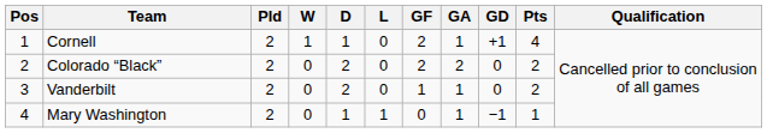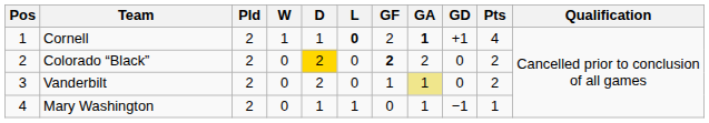 <table class="wikitable" style="text-align:center; margin: 1em auto">
 <tr>
 <th style="width:2em">Pos</th>
 <th style="width:13em">Team</th>
 <th style="width:2em">Pld</th>
 <th style="width:2em">W</th>
 <th style="width:2em">D</th>
 <th style="width:2em">L</th>
 <th style="width:2em">GF</th>
 <th style="width:2em">GA</th>
 <th style="width:2em">GD</th>
 <th style="width:2em">Pts</th>
 <th style="width:13em">Qualification</th>
 </tr>
 <tr>
 <td>1</td>
 <td style="text-align:left">Cornell</td>
 <td>2</td>
 <td>1</td>
 <td>1</td>
-<td>0</td>
+<td><strong>0</strong></td>
 <td>2</td>
-<td>1</td>
+<td><strong>1</strong></td>
 <td>+1</td>
 <td>4</td>
 <td rowspan="4">Cancelled prior to conclusion of all games</td>
 </tr>
 <tr>
 <td>2</td>
 <td style="text-align:left">Colorado “Black”</td>
 <td>2</td>
 <td>0</td>
-<td>2</td>
+<td style="background: gold;">2</td>
 <td>0</td>
-<td>2</td>
+<td><strong>2</strong></td>
 <td>2</td>
 <td>0</td>
 <td>2</td>
 </tr>
 <tr>
 <td>3</td>
 <td style="text-align:left">Vanderbilt</td>
 <td>2</td>
 <td>0</td>
 <td>2</td>
 <td>0</td>
 <td>1</td>
-<td>1</td>
+<td style="background: khaki;">1</td>
 <td>0</td>
 <td>2</td>
 </tr>
 <tr>
 <td>4</td>
 <td style="text-align:left">Mary Washington</td>
 <td>2</td>
 <td>0</td>
 <td>1</td>
 <td>1</td>
 <td>0</td>
 <td>1</td>
 <td>−1</td>
 <td>1</td>
 </tr>
 </table>
